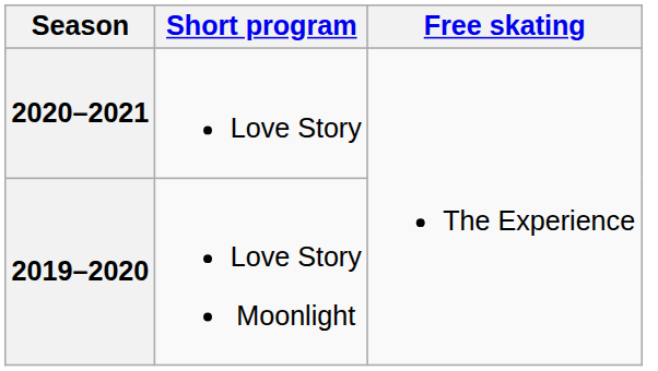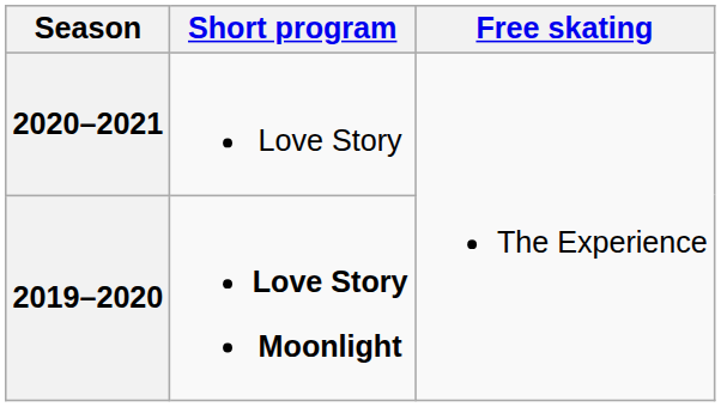 <table class=wikitable style=text-align:center>
 <tr>
 <th>Season</th>
 <th><a href='#'>Short program</a></th>
 <th><a href='#'>Free skating</a></th>
 </tr>
 <tr>
 <th>2020–2021<br></th>
 <td><br><ul><li>Love Story<br></li></ul></td>
 <td rowspan=2><br><ul><li>The Experience<br></li></ul></td>
 </tr>
 <tr>
 <th>2019–2020<br></th>
-<td><br><ul><li>Love Story<br></li></ul><ul><li>Moonlight<br></li></ul></td>
+<td><strong><br><ul><li>Love Story<br></li></ul><ul><li>Moonlight<br></li></ul></strong></td>
 </tr>
 </table>
